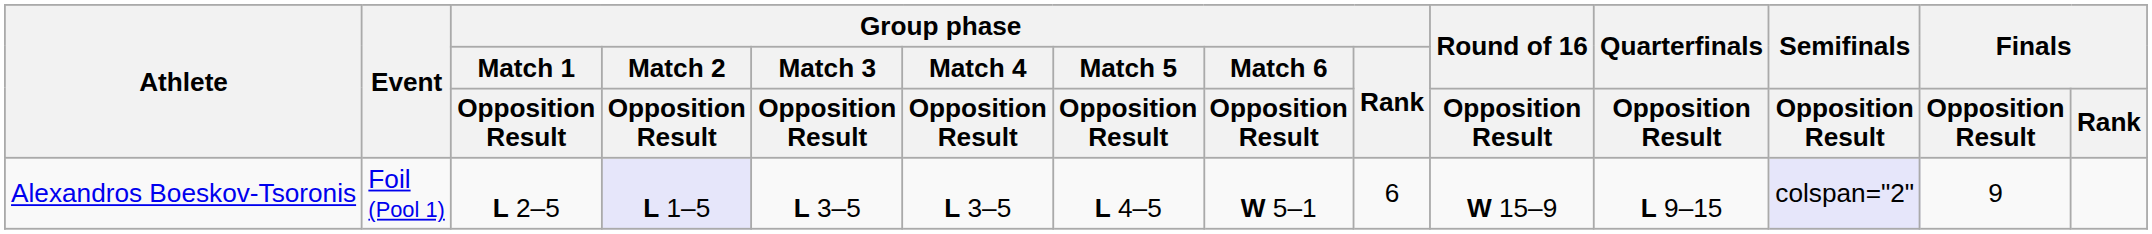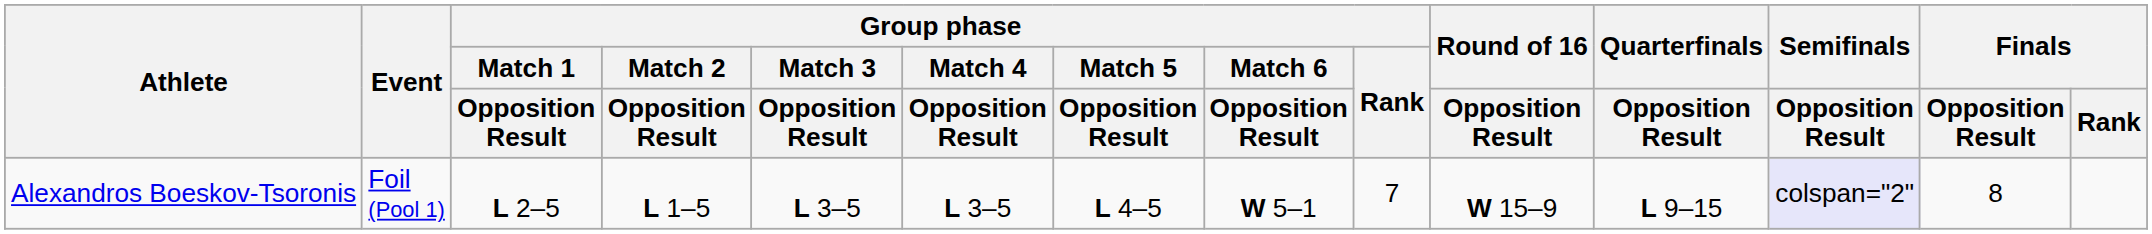 <table class="wikitable" style="font-size:90%; text-align:center;">
 <tr>
 <th rowspan="3">Athlete</th>
 <th rowspan="3">Event</th>
 <th colspan="7">Group phase</th>
 <th rowspan="2">Round of 16</th>
 <th rowspan="2">Quarterfinals</th>
 <th rowspan="2">Semifinals</th>
 <th rowspan="2" colspan="2">Finals</th>
 </tr>
 <tr>
 <th>Match 1</th>
 <th>Match 2</th>
 <th>Match 3</th>
 <th>Match 4</th>
 <th>Match 5</th>
 <th>Match 6</th>
 <th rowspan="2">Rank</th>
 </tr>
 <tr>
 <th>Opposition<br>Result</th>
 <th>Opposition<br>Result</th>
 <th>Opposition<br>Result</th>
 <th>Opposition<br>Result</th>
 <th>Opposition<br>Result</th>
 <th>Opposition<br>Result</th>
 <th>Opposition<br>Result</th>
 <th>Opposition<br>Result</th>
 <th>Opposition<br>Result</th>
 <th>Opposition<br>Result</th>
 <th>Rank</th>
 </tr>
 <tr>
 <td style="text-align:left;"><a href='#'>Alexandros Boeskov-Tsoronis</a></td>
 <td style="text-align:left;"><a href='#'>Foil</a><br><small><a href='#'>(Pool 1)</a></small></td>
 <td><br><strong>L</strong> 2–5</td>
-<td style="background: lavender;"><br><strong>L</strong> 1–5</td>
+<td><br><strong>L</strong> 1–5</td>
 <td><br><strong>L</strong> 3–5</td>
 <td><br><strong>L</strong> 3–5</td>
 <td><br><strong>L</strong> 4–5</td>
 <td><br><strong>W</strong> 5–1</td>
-<td>6</td>
+<td>7</td>
 <td><br><strong>W</strong> 15–9</td>
 <td><br><strong>L</strong> 9–15</td>
 <td style="background: lavender;">colspan="2" </td>
-<td>9</td>
+<td>8</td>
 </tr>
 </table>
